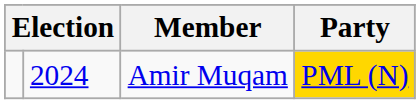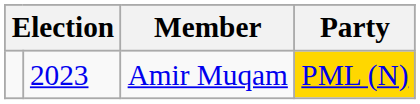 <table class="wikitable">
 <tr>
 <th colspan="2">Election</th>
 <th>Member</th>
 <th>Party</th>
 </tr>
 <tr>
 <td style="background-color: "></td>
-<td><a href='#'>2024</a></td>
+<td><a href='#'>2023</a></td>
 <td><a href='#'>Amir Muqam</a></td>
 <td style="background: gold;"><a href='#'>PML (N)</a></td>
 </tr>
 </table>
